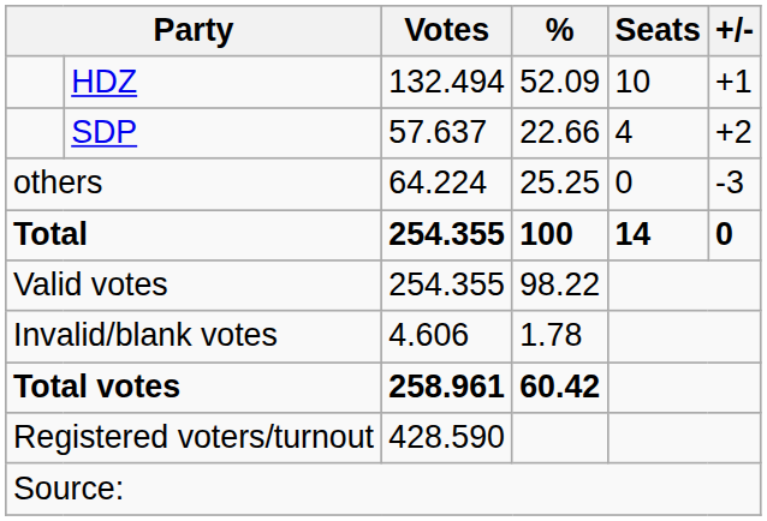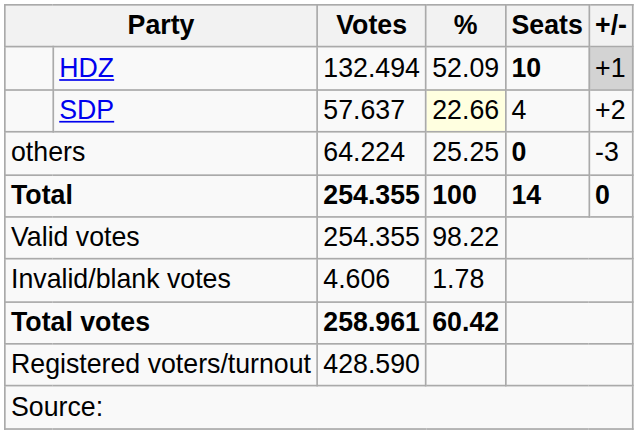 <table class="wikitable" style="text-align: left;">
 <tr>
 <th colspan="2">Party</th>
 <th>Votes</th>
 <th>%</th>
 <th>Seats</th>
 <th>+/-</th>
 </tr>
 <tr>
 <td style="background-color: "></td>
 <td><a href='#'>HDZ</a></td>
 <td>132.494</td>
 <td>52.09</td>
-<td>10</td>
-<td>+1</td>
+<td><strong>10</strong></td>
+<td style="background: lightgrey;">+1</td>
 </tr>
 <tr>
 <td style="background-color: "></td>
 <td><a href='#'>SDP</a></td>
 <td>57.637</td>
-<td>22.66</td>
+<td style="background: lightyellow;">22.66</td>
 <td>4</td>
 <td>+2</td>
 </tr>
 <tr>
 <td colspan="2">others</td>
 <td>64.224</td>
 <td>25.25</td>
-<td>0</td>
+<td><strong>0</strong></td>
 <td>-3</td>
 </tr>
 <tr>
 <td colspan="2"><strong>Total</strong></td>
 <td><strong>254.355</strong></td>
 <td><strong>100</strong></td>
 <td><strong>14</strong></td>
 <td><strong>0</strong></td>
 </tr>
 <tr>
 <td colspan="2">Valid votes</td>
 <td>254.355</td>
 <td>98.22</td>
 <td colspan="2"></td>
 </tr>
 <tr>
 <td colspan="2">Invalid/blank votes</td>
 <td>4.606</td>
 <td>1.78</td>
 <td colspan="2"></td>
 </tr>
 <tr>
 <td colspan="2"><strong>Total votes</strong></td>
 <td><strong>258.961</strong></td>
 <td><strong>60.42</strong></td>
 <td colspan="2"></td>
 </tr>
 <tr>
 <td colspan="2">Registered voters/turnout</td>
 <td votes14="5343">428.590</td>
 <td></td>
 <td colspan="2"></td>
 </tr>
 <tr>
 <td colspan="6">Source: </td>
 </tr>
 </table>
